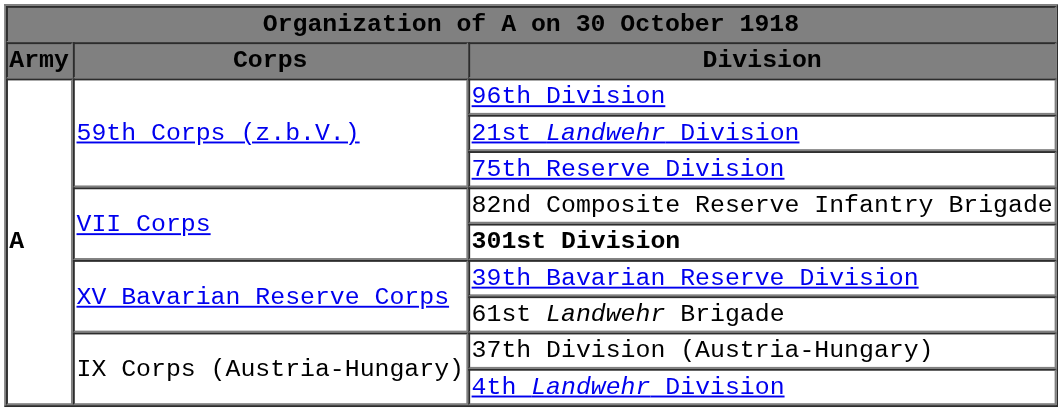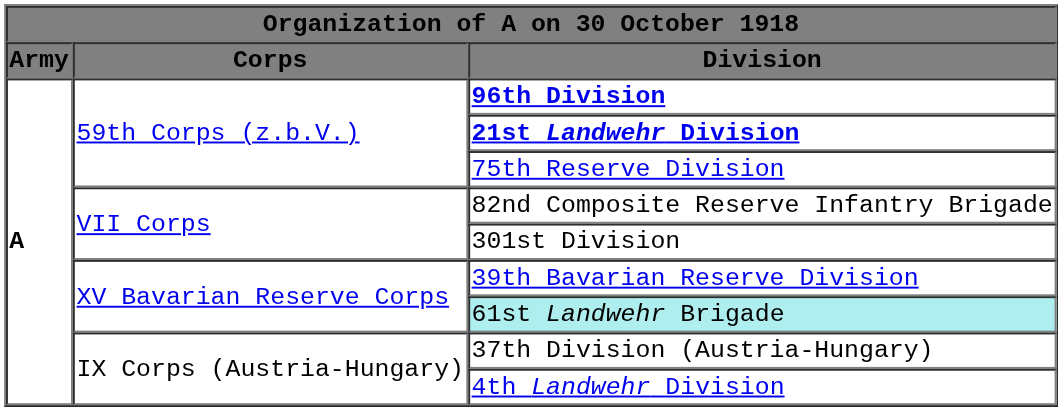 <table style="float: right;" border="1" cellpadding="1" cellspacing="0" style="font-size: 100%; border: gray solid 1px; border-collapse: collapse; text-align: center;">
 <tr style="background-color:grey; color:black;">
 <th colspan="3">Organization of  A on 30 October 1918</th>
 </tr>
 <tr>
 </tr>
 <tr style="background-color:grey; color:black;">
 <th>Army</th>
 <th>Corps</th>
 <th>Division</th>
 </tr>
 <tr>
 <td ROWSPAN=9><strong> A</strong></td>
 <td ROWSPAN=3><a href='#'>59th Corps (z.b.V.)</a></td>
-<td><a href='#'>96th Division</a></td>
+<td><strong><a href='#'>96th Division</a></strong></td>
 </tr>
 <tr>
-<td><a href='#'>21st <em>Landwehr</em> Division</a></td>
+<td><strong><a href='#'>21st <em>Landwehr</em> Division</a></strong></td>
 </tr>
 <tr>
 <td><a href='#'>75th Reserve Division</a></td>
 </tr>
 <tr>
 <td ROWSPAN=2><a href='#'>VII Corps</a></td>
 <td>82nd Composite Reserve Infantry Brigade</td>
 </tr>
 <tr>
-<td><strong>301st Division</strong></td>
+<td>301st Division</td>
 </tr>
 <tr>
 <td ROWSPAN=2><a href='#'>XV Bavarian Reserve Corps</a></td>
 <td><a href='#'>39th Bavarian Reserve Division</a></td>
 </tr>
 <tr>
-<td>61st <em>Landwehr</em> Brigade</td>
+<td style="background: paleturquoise;">61st <em>Landwehr</em> Brigade</td>
 </tr>
 <tr>
 <td ROWSPAN=2>IX Corps (Austria-Hungary)</td>
 <td>37th Division (Austria-Hungary)</td>
 </tr>
 <tr>
 <td><a href='#'>4th <em>Landwehr</em> Division</a></td>
 </tr>
 </table>
